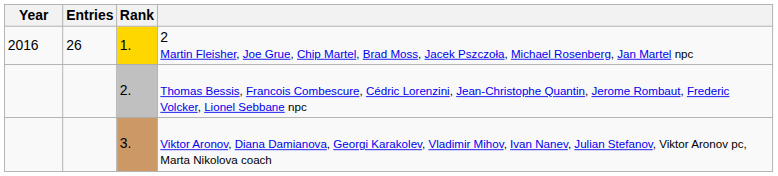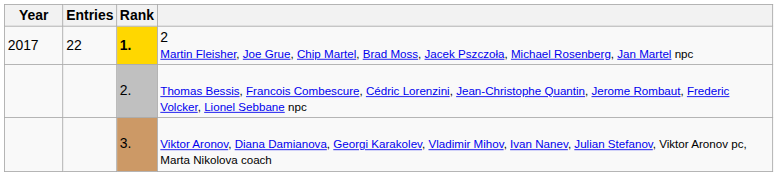 <table class="wikitable" style="width:100%;">
 <tr>
 <th>Year</th>
 <th>Entries</th>
 <th>Rank</th>
 <th></th>
 </tr>
 <tr>
-<td width=60>2016  </td>
-<td>26</td>
-<td style="background:gold; width:30px;">1.</td>
+<td width=60>2017  </td>
+<td>22</td>
+<td style="background:gold; width:30px;"><strong>1.</strong></td>
 <td> 2 <br><small><a href='#'>Martin Fleisher</a>, <a href='#'>Joe Grue</a>, <a href='#'>Chip Martel</a>, <a href='#'>Brad Moss</a>, <a href='#'>Jacek Pszczoła</a>, <a href='#'>Michael Rosenberg</a>, <a href='#'>Jan Martel</a> npc</small></td>
 </tr>
 <tr>
 <td></td>
 <td></td>
 <td style="background:silver;">2.</td>
 <td> <br><small><a href='#'>Thomas Bessis</a>, <a href='#'>Francois Combescure</a>, <a href='#'>Cédric Lorenzini</a>, <a href='#'>Jean-Christophe Quantin</a>, <a href='#'>Jerome Rombaut</a>, <a href='#'>Frederic Volcker</a>, <a href='#'>Lionel Sebbane</a> npc</small></td>
 </tr>
 <tr>
 <td></td>
 <td></td>
 <td style="background:#c96;">3.</td>
 <td> <br><small><a href='#'>Viktor Aronov</a>, <a href='#'>Diana Damianova</a>, <a href='#'>Georgi Karakolev</a>, <a href='#'>Vladimir Mihov</a>, <a href='#'>Ivan Nanev</a>, <a href='#'>Julian Stefanov</a>, Viktor Aronov pc, Marta Nikolova coach</small></td>
 </tr>
 </table>
